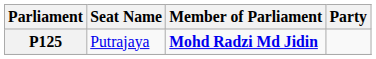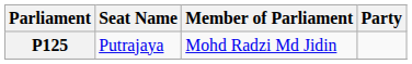 <table class="wikitable sortable">
 <tr>
 <th>Parliament</th>
 <th>Seat Name</th>
 <th>Member of Parliament</th>
 <th>Party</th>
 </tr>
 <tr>
 <th>P125</th>
 <td><a href='#'>Putrajaya</a></td>
-<td><strong><a href='#'>Mohd Radzi Md Jidin</a></strong></td>
+<td><a href='#'>Mohd Radzi Md Jidin</a></td>
 <td></td>
 </tr>
 <tr>
 </tr>
 </table>
